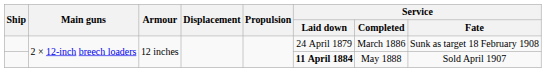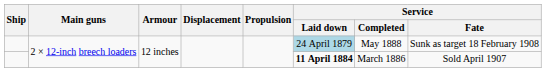 <table class="wikitable">
 <tr valign="center">
 <th align= center rowspan=2>Ship</th>
 <th align= center rowspan=2>Main guns</th>
 <th align= center rowspan=2>Armour</th>
 <th align= center rowspan=2>Displacement</th>
 <th align= center rowspan=2>Propulsion</th>
 <th align= center colspan=3>Service</th>
 </tr>
 <tr valign="top">
 <th align= center>Laid down</th>
 <th align= center>Completed</th>
 <th align= center>Fate</th>
 </tr>
 <tr valign="center">
 <td align= left></td>
 <td align= center rowspan=2>2 × <a href='#'>12-inch</a> <a href='#'>breech loaders</a></td>
 <td align= center rowspan=2>12 inches</td>
 <td align= center rowspan=2></td>
 <td align= center rowspan=2> </td>
-<td align= center>24 April 1879</td>
-<td align= center>March 1886</td>
+<td align= center style="background: lightblue;">24 April 1879</td>
+<td align= center>May 1888</td>
 <td align= center>Sunk as target 18 February 1908</td>
 </tr>
 <tr valign="center">
 <td align= left></td>
 <td align= center><strong>11 April 1884</strong></td>
-<td align= center>May 1888</td>
+<td align= center>March 1886</td>
 <td align= center>Sold April 1907</td>
 </tr>
 </table>
